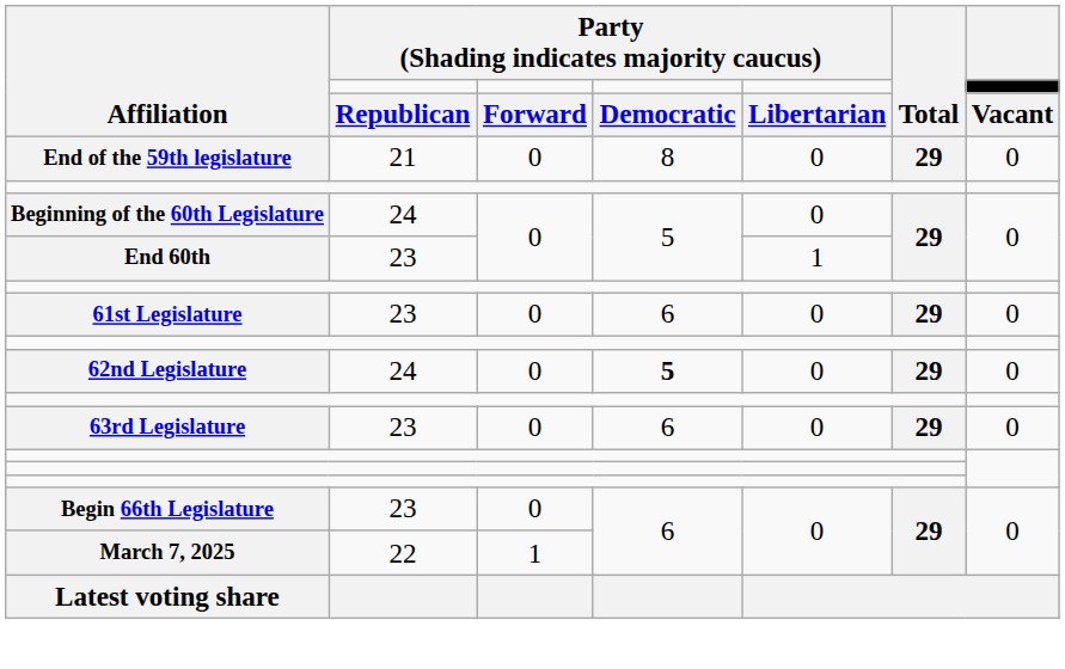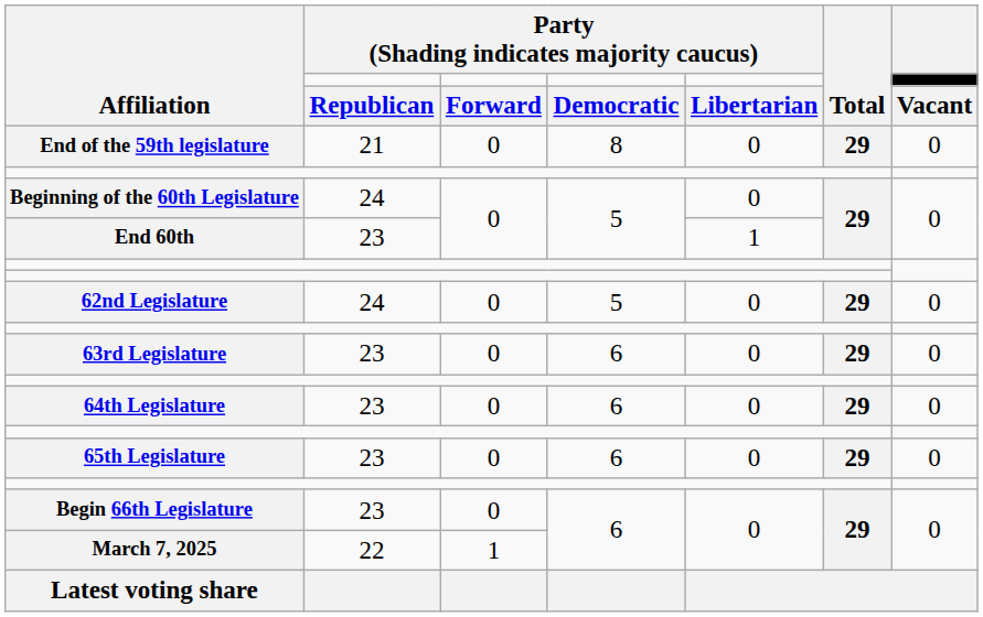 <table class=wikitable style="text-align:center">
 <tr style="vertical-align:bottom;">
 <th rowspan=3>Affiliation</th>
 <th colspan=4>Party <div>(Shading indicates majority caucus)</div></th>
 <th rowspan=3>Total</th>
 <th></th>
 </tr>
 <tr style="height:5px">
 <td style="background-color:"></td>
 <td style="background-color:"></td>
 <td style="background-color:"></td>
 <td style="background-color:"></td>
 <td style="background-color:black"></td>
 </tr>
 <tr>
 <th><a href='#'>Republican</a></th>
 <th><a href='#'>Forward</a></th>
 <th><a href='#'>Democratic</a></th>
 <th><a href='#'>Libertarian</a></th>
 <th>Vacant</th>
 </tr>
 <tr>
 <th nowrap style="font-size:80%">End of the <a href='#'>59th legislature</a></th>
 <td>21</td>
 <td>0</td>
 <td>8</td>
 <td>0</td>
 <th>29</th>
 <td>0</td>
 </tr>
 <tr>
 <td colspan=6></td>
 </tr>
 <tr>
 <th nowrap style="font-size:80%">Beginning of the <a href='#'>60th Legislature</a></th>
 <td>24</td>
 <td rowspan=2>0</td>
 <td rowspan=2>5</td>
 <td>0</td>
 <th rowspan=2>29</th>
 <td rowspan=2>0</td>
 </tr>
 <tr>
 <th nowrap style="font-size:80%">End 60th</th>
 <td>23</td>
 <td>1</td>
 </tr>
 <tr>
 <td colspan=6></td>
 </tr>
 <tr>
-<th nowrap style="font-size:80%"><a href='#'>61st Legislature</a></th>
-<td>23</td>
-<td>0</td>
-<td>6</td>
-<td>0</td>
-<th>29</th>
-<td>0</td>
-</tr>
-<tr>
 <td colspan=6></td>
 </tr>
 <tr>
 <th nowrap style="font-size:80%"><a href='#'>62nd Legislature</a></th>
 <td>24</td>
 <td>0</td>
-<td><strong>5</strong></td>
+<td>5</td>
 <td>0</td>
 <th>29</th>
 <td>0</td>
 </tr>
 <tr>
 <td colspan=6></td>
 </tr>
 <tr>
 <th nowrap style="font-size:80%"><a href='#'>63rd Legislature</a></th>
 <td>23</td>
 <td>0</td>
 <td>6</td>
 <td>0</td>
 <th>29</th>
 <td>0</td>
 </tr>
 <tr>
 <td colspan=6></td>
 </tr>
 <tr>
+<th nowrap style="font-size:80%"><a href='#'>64th Legislature</a></th>
+<td>23</td>
+<td>0</td>
+<td>6</td>
+<td>0</td>
+<th>29</th>
+<td>0</td>
+</tr>
+<tr>
 <td colspan=6></td>
+</tr>
+<tr>
+<th nowrap style="font-size:80%"><a href='#'>65th Legislature</a></th>
+<td>23</td>
+<td>0</td>
+<td>6</td>
+<td>0</td>
+<th>29</th>
+<td>0</td>
 </tr>
 <tr>
 <td colspan=6></td>
 </tr>
 <tr>
 <th nowrap style="font-size:80%">Begin <a href='#'>66th Legislature</a></th>
 <td>23</td>
 <td>0</td>
 <td rowspan=2>6</td>
 <td rowspan=2>0</td>
 <th rowspan=2>29</th>
 <td rowspan=2>0</td>
 </tr>
 <tr>
 <th nowrap style="font-size:80%">March 7, 2025</th>
 <td>22</td>
 <td>1</td>
 </tr>
 <tr>
 <th>Latest voting share</th>
 <th></th>
 <th></th>
 <th></th>
 <th colspan=3></th>
 </tr>
 </table>
